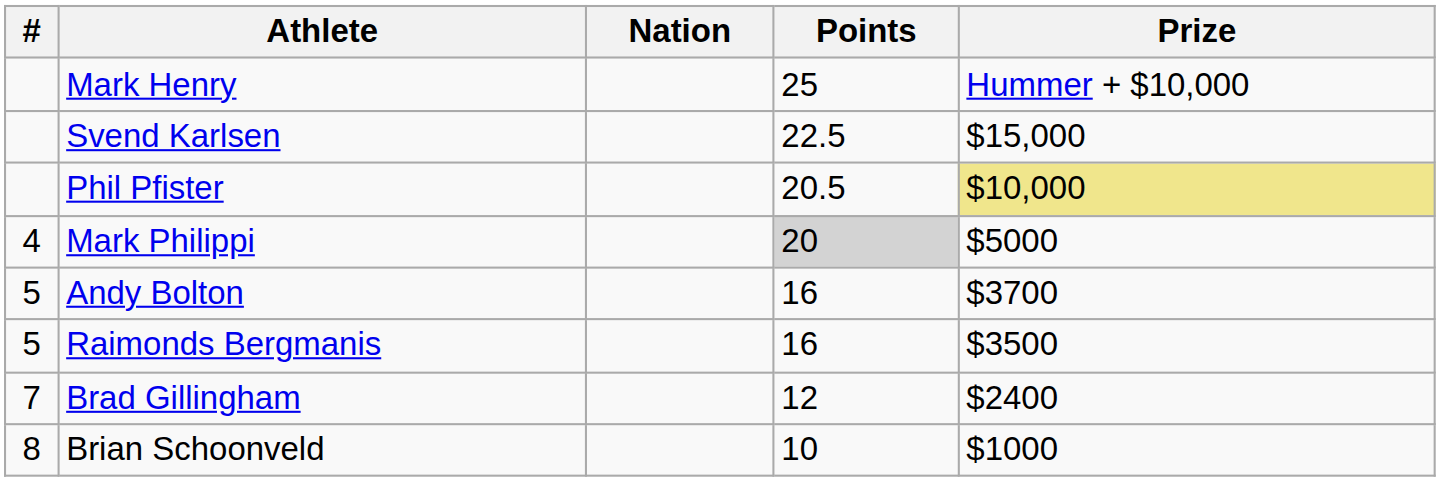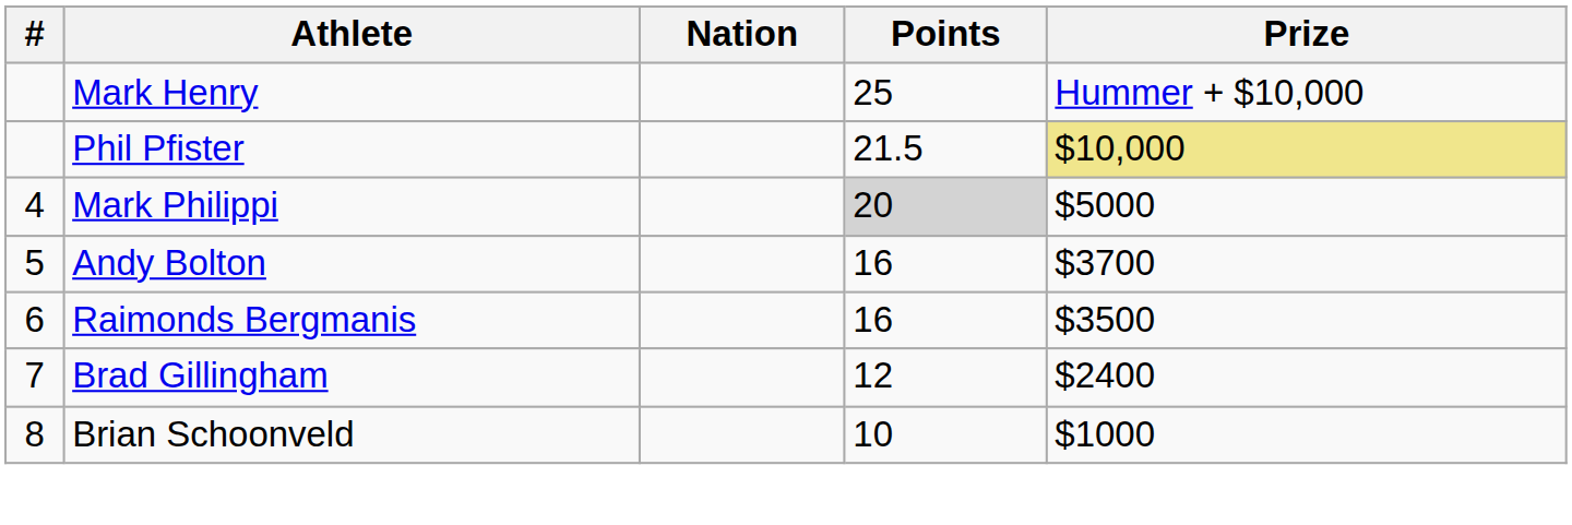 <table class="wikitable" style="display: inline-table;width: 55%;">
 <tr>
 <th scope="col">#</th>
 <th scope="col">Athlete</th>
 <th scope="col">Nation</th>
 <th scope="col">Points</th>
 <th scope="col">Prize</th>
 </tr>
 <tr>
 <td align="center"></td>
 <td><a href='#'>Mark Henry</a></td>
 <td></td>
 <td>25</td>
 <td><a href='#'>Hummer</a> + $10,000</td>
 </tr>
 <tr>
 <td align="center"></td>
-<td><a href='#'>Svend Karlsen</a></td>
-<td></td>
-<td>22.5</td>
-<td>$15,000</td>
-</tr>
-<tr>
-<td align="center"></td>
 <td><a href='#'>Phil Pfister</a></td>
 <td></td>
-<td>20.5</td>
+<td>21.5</td>
 <td style="background: khaki;">$10,000</td>
 </tr>
 <tr>
 <td align="center">4</td>
 <td><a href='#'>Mark Philippi</a></td>
 <td></td>
 <td style="background: lightgrey;">20</td>
 <td>$5000</td>
 </tr>
 <tr>
 <td align="center">5</td>
 <td><a href='#'>Andy Bolton</a></td>
 <td></td>
 <td>16</td>
 <td>$3700</td>
 </tr>
 <tr>
-<td align="center">5</td>
+<td align="center">6</td>
 <td><a href='#'>Raimonds Bergmanis</a></td>
 <td></td>
 <td>16</td>
 <td>$3500</td>
 </tr>
 <tr>
 <td align="center">7</td>
 <td><a href='#'>Brad Gillingham</a></td>
 <td></td>
 <td>12</td>
 <td>$2400</td>
 </tr>
 <tr>
 <td align="center">8</td>
 <td>Brian Schoonveld</td>
 <td></td>
 <td>10</td>
 <td>$1000</td>
 </tr>
 </table>
